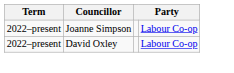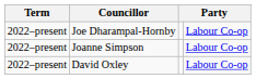 <table class="wikitable">
 <tr>
 <th>Term</th>
 <th>Councillor</th>
 <th colspan="2">Party</th>
+</tr>
+<tr>
+<td>2022–present</td>
+<td>Joe Dharampal-Hornby</td>
+<td rowspan="1;" style="background-color: "></td>
+<td rowspan="1"><a href='#'>Labour Co-op</a></td>
 </tr>
 <tr>
 <td>2022–present</td>
 <td>Joanne Simpson</td>
 <td rowspan="1;" style="background-color: "></td>
 <td rowspan="1"><a href='#'>Labour Co-op</a></td>
 </tr>
 <tr>
 <td>2022–present</td>
 <td>David Oxley</td>
 <td rowspan="1;" style="background-color: "></td>
 <td rowspan="1"><a href='#'>Labour Co-op</a></td>
 </tr>
 </table>
